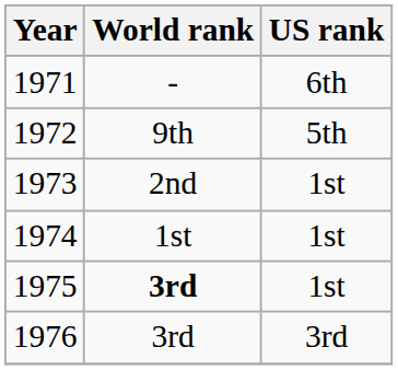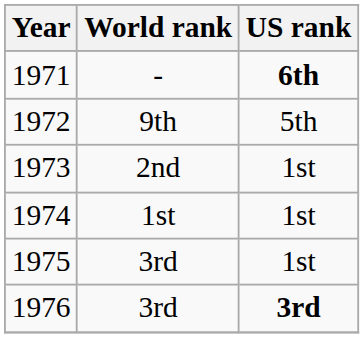 <table class=wikitable>
 <tr>
 <th>Year</th>
 <th>World rank</th>
 <th>US rank</th>
 </tr>
 <tr>
 <td>1971</td>
 <td align="center">-</td>
-<td align="center">6th</td>
+<td align="center"><strong>6th</strong></td>
 </tr>
 <tr>
 <td>1972</td>
 <td align="center">9th</td>
 <td align="center">5th</td>
 </tr>
 <tr>
 <td>1973</td>
 <td align="center">2nd</td>
 <td align="center">1st</td>
 </tr>
 <tr>
 <td>1974</td>
 <td align="center">1st</td>
 <td align="center">1st</td>
 </tr>
 <tr>
 <td>1975</td>
-<td align="center"><strong>3rd</strong></td>
+<td align="center">3rd</td>
 <td align="center">1st</td>
 </tr>
 <tr>
 <td>1976</td>
 <td align="center">3rd</td>
-<td align="center">3rd</td>
+<td align="center"><strong>3rd</strong></td>
 </tr>
 <tr>
 </tr>
 </table>
